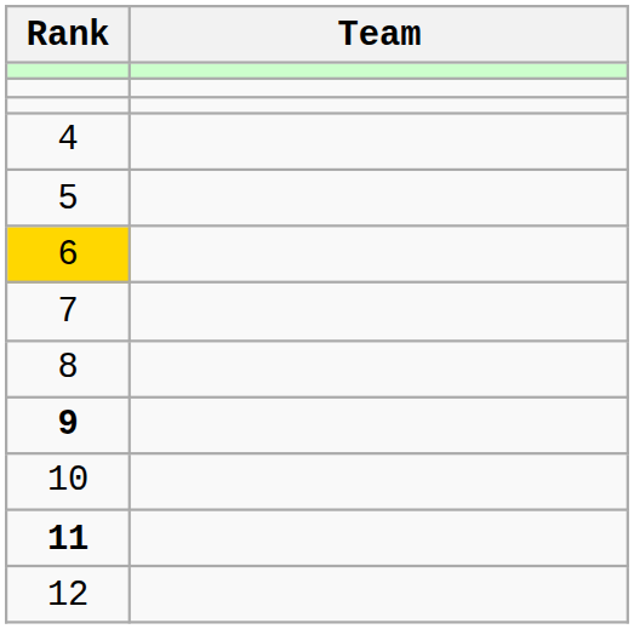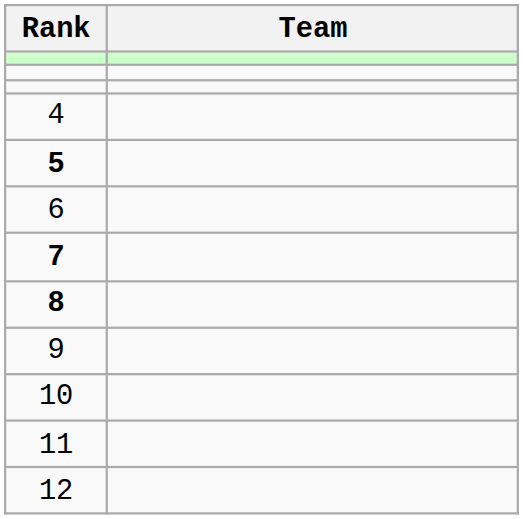 <table class="wikitable" style="text-align: center;">
 <tr>
 <th width=40>Rank</th>
 <th width=180>Team</th>
 </tr>
 <tr bgcolor=#ccffcc>
 <td></td>
 <td style="text-align:left;"></td>
 </tr>
 <tr>
 <td></td>
 <td style="text-align:left;"></td>
 </tr>
 <tr>
 <td></td>
 <td style="text-align:left;"></td>
 </tr>
 <tr>
 <td>4</td>
 <td style="text-align:left;"></td>
 </tr>
 <tr>
-<td>5</td>
+<td><strong>5</strong></td>
 <td style="text-align:left;"></td>
 </tr>
 <tr>
-<td style="background: gold;">6</td>
+<td>6</td>
 <td style="text-align:left;"></td>
 </tr>
 <tr>
-<td>7</td>
+<td><strong>7</strong></td>
 <td style="text-align:left;"></td>
 </tr>
 <tr>
-<td>8</td>
+<td><strong>8</strong></td>
 <td style="text-align:left;"></td>
 </tr>
 <tr>
-<td><strong>9</strong></td>
+<td>9</td>
 <td style="text-align:left;"></td>
 </tr>
 <tr>
 <td>10</td>
 <td style="text-align:left;"></td>
 </tr>
 <tr>
-<td><strong>11</strong></td>
+<td>11</td>
 <td style="text-align:left;"></td>
 </tr>
 <tr>
 <td>12</td>
 <td style="text-align:left;"></td>
 </tr>
 </table>
